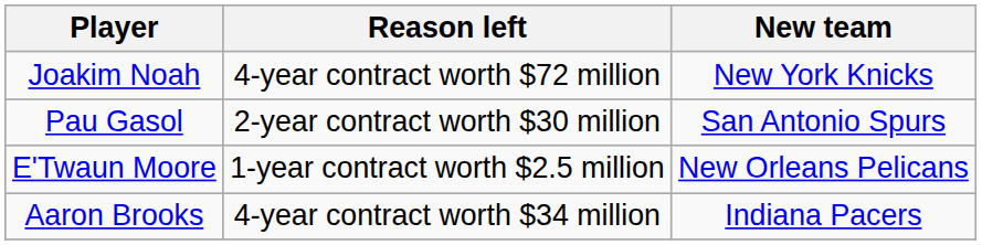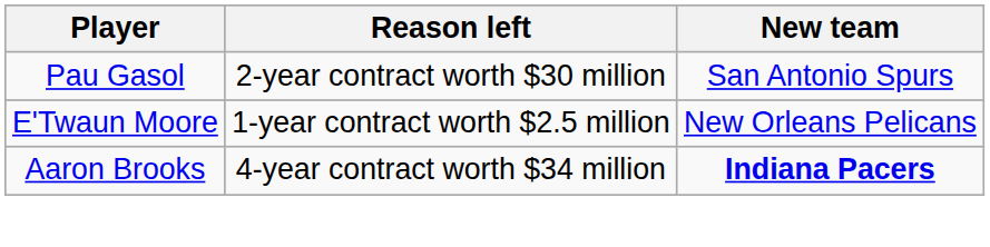 <table class="wikitable sortable sortable" style="text-align: center">
 <tr>
 <th>Player</th>
 <th>Reason left</th>
 <th>New team</th>
-</tr>
-<tr style="text-align: center">
-<td><a href='#'>Joakim Noah</a></td>
-<td>4-year contract worth $72 million</td>
-<td><a href='#'>New York Knicks</a></td>
 </tr>
 <tr style="text-align: center">
 <td><a href='#'>Pau Gasol</a></td>
 <td>2-year contract worth $30 million</td>
 <td><a href='#'>San Antonio Spurs</a></td>
 </tr>
 <tr style="text-align: center">
 <td><a href='#'>E'Twaun Moore</a></td>
 <td>1-year contract worth $2.5 million</td>
 <td><a href='#'>New Orleans Pelicans</a></td>
 </tr>
 <tr style="text-align: center">
 <td><a href='#'>Aaron Brooks</a></td>
 <td>4-year contract worth $34 million</td>
-<td><a href='#'>Indiana Pacers</a></td>
+<td><strong><a href='#'>Indiana Pacers</a></strong></td>
 </tr>
 </table>
